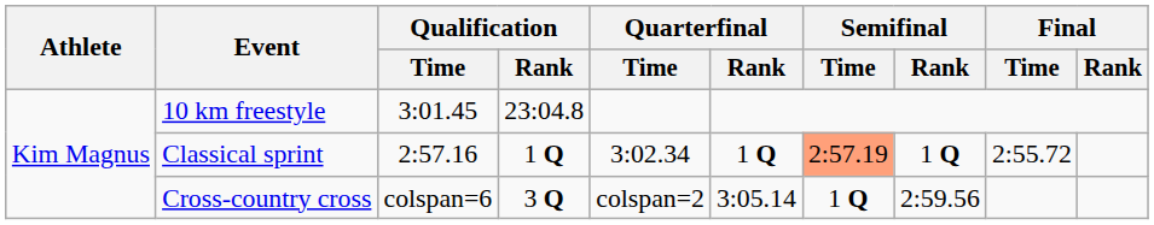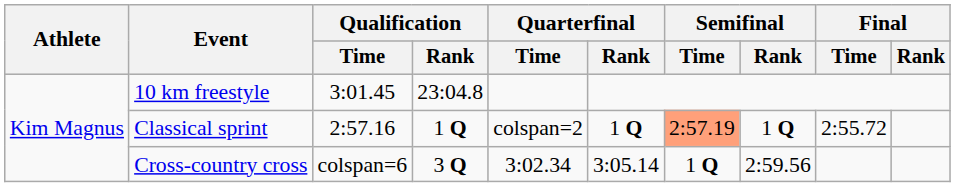 <table class="wikitable" style="font-size:90%">
 <tr>
 <th rowspan="2">Athlete</th>
 <th rowspan="2">Event</th>
 <th colspan="2">Qualification</th>
 <th colspan="2">Quarterfinal</th>
 <th colspan="2">Semifinal</th>
 <th colspan="2">Final</th>
 </tr>
 <tr style="font-size:95%">
 <th>Time</th>
 <th>Rank</th>
 <th>Time</th>
 <th>Rank</th>
 <th>Time</th>
 <th>Rank</th>
 <th>Time</th>
 <th>Rank</th>
 </tr>
 <tr align=center>
 <td align=left rowspan=3><a href='#'>Kim Magnus</a></td>
 <td align=left><a href='#'>10 km freestyle</a></td>
 <td>3:01.45</td>
 <td>23:04.8</td>
 <td></td>
 </tr>
 <tr align=center>
 <td align=left><a href='#'>Classical sprint</a></td>
 <td>2:57.16</td>
 <td>1 <strong>Q</strong></td>
-<td>3:02.34</td>
+<td>colspan=2 </td>
 <td>1 <strong>Q</strong></td>
 <td style="background: lightsalmon;">2:57.19</td>
 <td>1 <strong>Q</strong></td>
 <td>2:55.72</td>
 <td></td>
 </tr>
 <tr align=center>
 <td align=left><a href='#'>Cross-country cross</a></td>
 <td>colspan=6 </td>
 <td>3 <strong>Q</strong></td>
-<td>colspan=2 </td>
+<td>3:02.34</td>
 <td>3:05.14</td>
 <td>1 <strong>Q</strong></td>
 <td>2:59.56</td>
 <td></td>
 </tr>
 </table>
